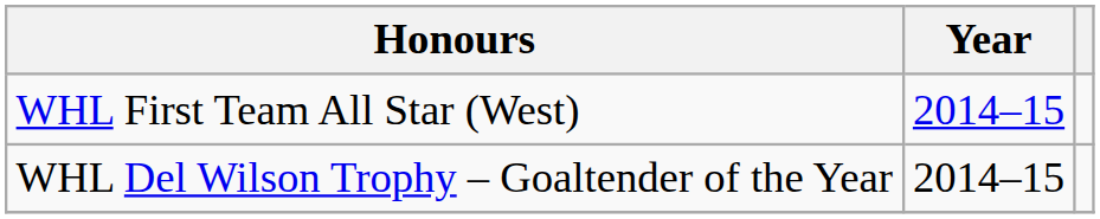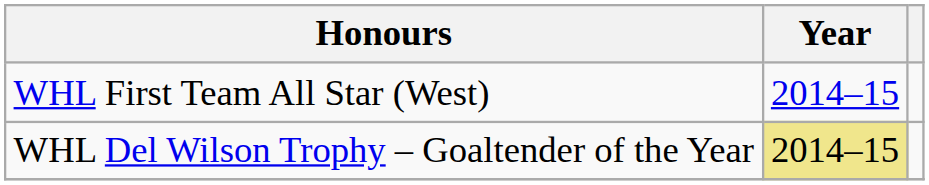 <table class="wikitable">
 <tr>
 <th>Honours</th>
 <th>Year</th>
 <th></th>
 </tr>
 <tr>
 <td><a href='#'>WHL</a> First Team All Star (West)</td>
 <td><a href='#'>2014–15</a></td>
 <td></td>
 </tr>
 <tr>
 <td>WHL <a href='#'>Del Wilson Trophy</a> – Goaltender of the Year</td>
-<td>2014–15</td>
+<td style="background: khaki;">2014–15</td>
 <td></td>
 </tr>
 <tr>
 </tr>
 </table>
